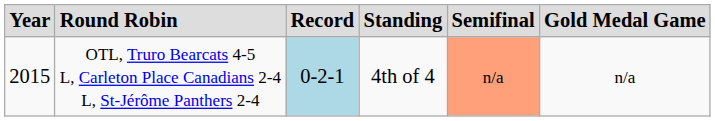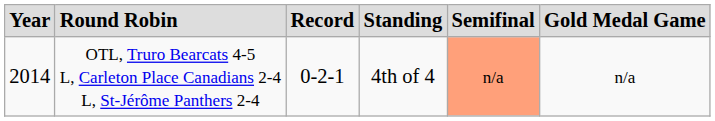 <table class="wikitable">
 <tr style="font-weight:bold; background-color:#dddddd;" |>
 <td>Year</td>
 <td>Round Robin</td>
 <td>Record</td>
 <td>Standing</td>
 <td>Semifinal</td>
 <td>Gold Medal Game</td>
 </tr>
 <tr align=center>
-<td>2015</td>
+<td>2014</td>
 <td><small>OTL, <a href='#'>Truro Bearcats</a> 4-5<br>L, <a href='#'>Carleton Place Canadians</a> 2-4<br>L, <a href='#'>St-Jérôme Panthers</a> 2-4</small></td>
-<td style="background: lightblue;">0-2-1</td>
+<td>0-2-1</td>
 <td>4th of 4</td>
 <td style="background: lightsalmon;"><small>n/a</small></td>
 <td><small>n/a</small></td>
 </tr>
 </table>
